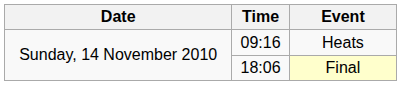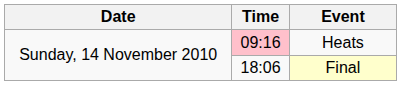 <table class = "wikitable" style="text-align:center;">
 <tr>
 <th width=220>Date</th>
 <th width=50>Time</th>
 <th width=100>Event</th>
 </tr>
 <tr>
 <td rowspan=2>Sunday, 14 November 2010</td>
-<td>09:16</td>
+<td style="background: pink;">09:16</td>
 <td>Heats</td>
 </tr>
 <tr>
 <td>18:06</td>
 <td bgcolor=ffffcc>Final</td>
 </tr>
 </table>
